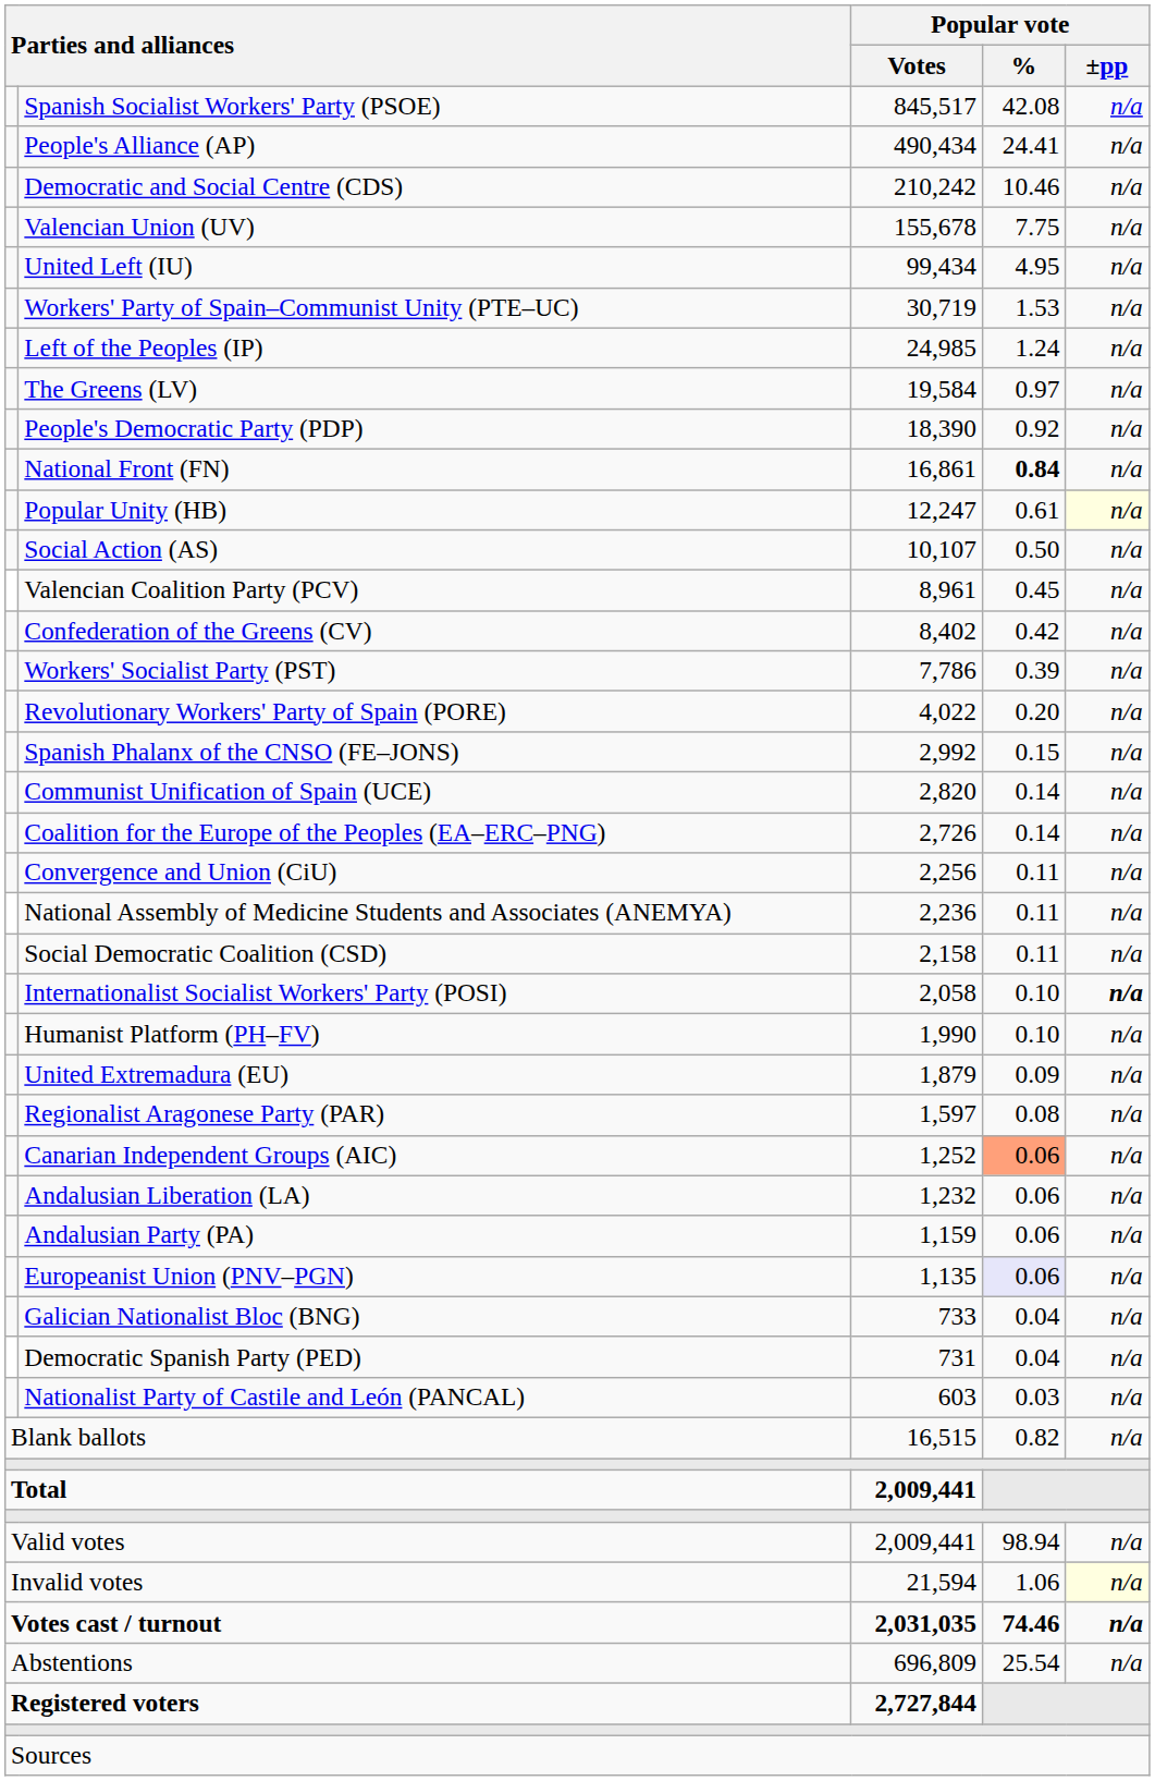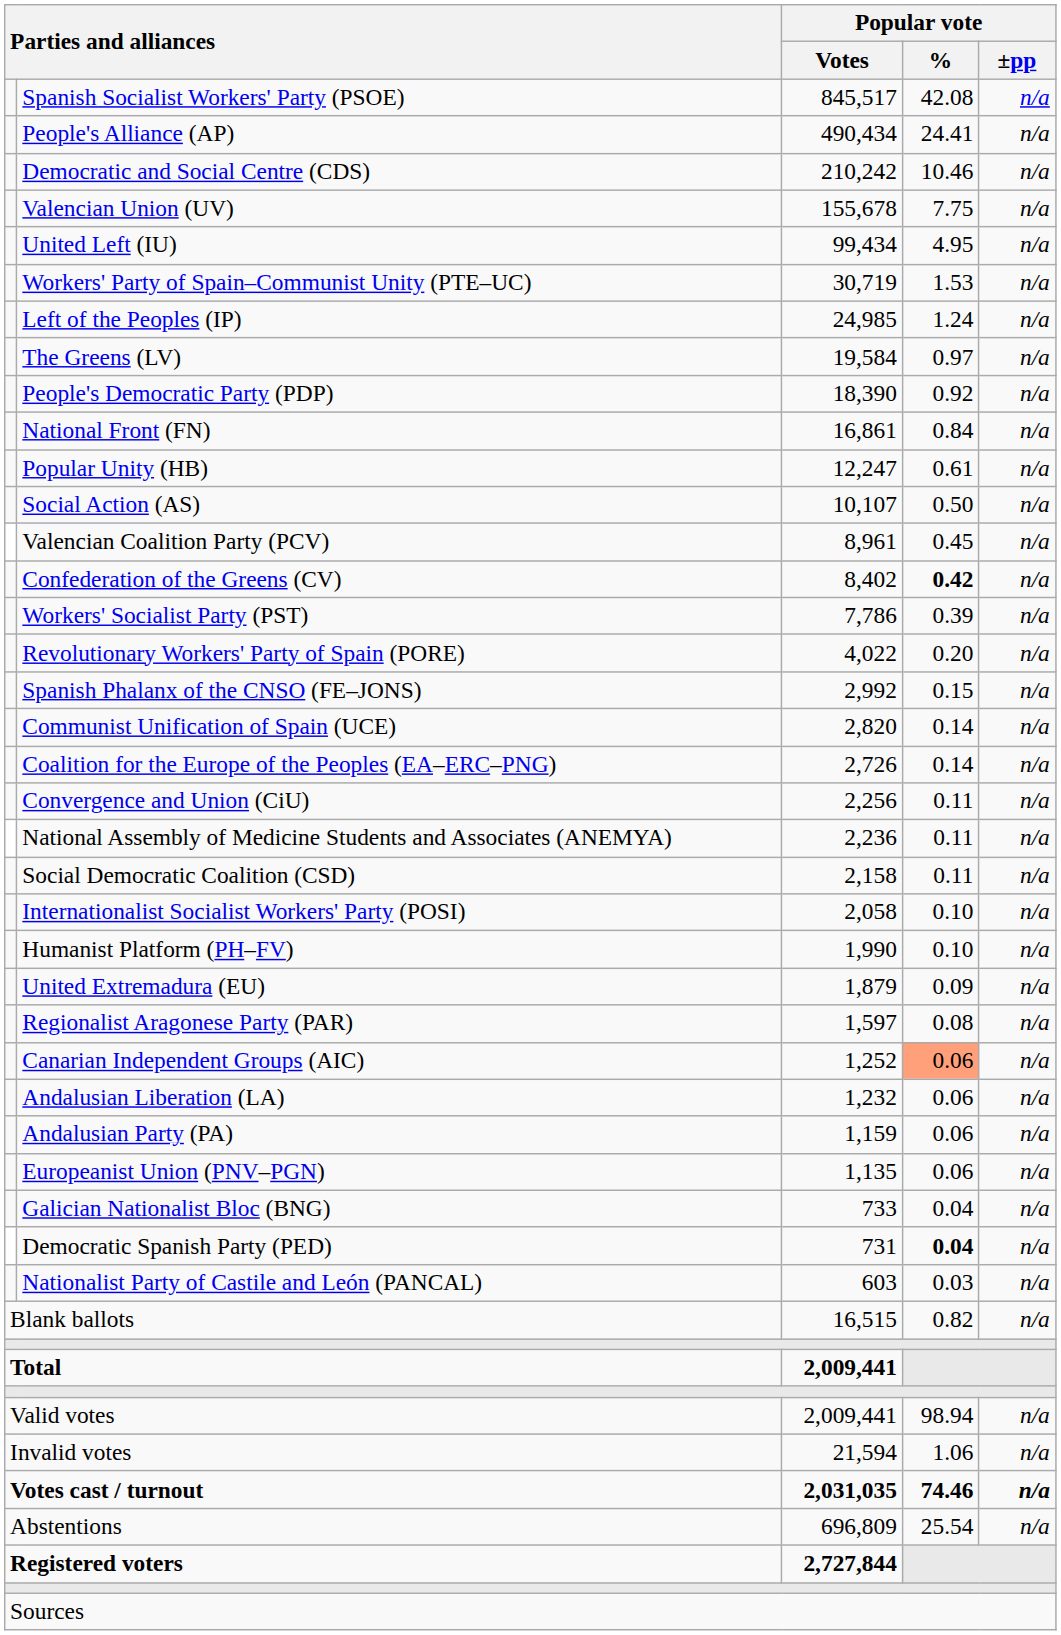 <table class="wikitable" style="text-align:right">
 <tr>
 <th style="text-align:left;" rowspan="2" colspan="2" width="525">Parties and alliances</th>
 <th colspan="3">Popular vote</th>
 </tr>
 <tr>
 <th width="75">Votes</th>
 <th width="45">%</th>
 <th width="45">±<a href='#'>pp</a></th>
 </tr>
 <tr>
 <td width="1" style="color:inherit;background:"></td>
 <td align="left"><a href='#'>Spanish Socialist Workers' Party</a> (PSOE)</td>
 <td>845,517</td>
 <td>42.08</td>
 <td><em><a href='#'>n/a</a></em></td>
 </tr>
 <tr>
 <td style="color:inherit;background:"></td>
 <td align="left"><a href='#'>People's Alliance</a> (AP)</td>
 <td>490,434</td>
 <td>24.41</td>
 <td><em>n/a</em></td>
 </tr>
 <tr>
 <td style="color:inherit;background:"></td>
 <td align="left"><a href='#'>Democratic and Social Centre</a> (CDS)</td>
 <td>210,242</td>
 <td>10.46</td>
 <td><em>n/a</em></td>
 </tr>
 <tr>
 <td style="color:inherit;background:"></td>
 <td align="left"><a href='#'>Valencian Union</a> (UV)</td>
 <td>155,678</td>
 <td>7.75</td>
 <td><em>n/a</em></td>
 </tr>
 <tr>
 <td style="color:inherit;background:"></td>
 <td align="left"><a href='#'>United Left</a> (IU)</td>
 <td>99,434</td>
 <td>4.95</td>
 <td><em>n/a</em></td>
 </tr>
 <tr>
 <td style="color:inherit;background:"></td>
 <td align="left"><a href='#'>Workers' Party of Spain–Communist Unity</a> (PTE–UC)</td>
 <td>30,719</td>
 <td>1.53</td>
 <td><em>n/a</em></td>
 </tr>
 <tr>
 <td style="color:inherit;background:"></td>
 <td align="left"><a href='#'>Left of the Peoples</a> (IP)</td>
 <td>24,985</td>
 <td>1.24</td>
 <td><em>n/a</em></td>
 </tr>
 <tr>
 <td style="color:inherit;background:"></td>
 <td align="left"><a href='#'>The Greens</a> (LV)</td>
 <td>19,584</td>
 <td>0.97</td>
 <td><em>n/a</em></td>
 </tr>
 <tr>
 <td style="color:inherit;background:"></td>
 <td align="left"><a href='#'>People's Democratic Party</a> (PDP)</td>
 <td>18,390</td>
 <td>0.92</td>
 <td><em>n/a</em></td>
 </tr>
 <tr>
 <td style="color:inherit;background:"></td>
 <td align="left"><a href='#'>National Front</a> (FN)</td>
 <td>16,861</td>
-<td><strong>0.84</strong></td>
+<td>0.84</td>
 <td><em>n/a</em></td>
 </tr>
 <tr>
 <td style="color:inherit;background:"></td>
 <td align="left"><a href='#'>Popular Unity</a> (HB)</td>
 <td>12,247</td>
 <td>0.61</td>
-<td style="background: lightyellow;"><em>n/a</em></td>
+<td><em>n/a</em></td>
 </tr>
 <tr>
 <td style="color:inherit;background:"></td>
 <td align="left"><a href='#'>Social Action</a> (AS)</td>
 <td>10,107</td>
 <td>0.50</td>
 <td><em>n/a</em></td>
 </tr>
 <tr>
 <td bgcolor="white"></td>
 <td align="left">Valencian Coalition Party (PCV)</td>
 <td>8,961</td>
 <td>0.45</td>
 <td><em>n/a</em></td>
 </tr>
 <tr>
 <td style="color:inherit;background:"></td>
 <td align="left"><a href='#'>Confederation of the Greens</a> (CV)</td>
 <td>8,402</td>
-<td>0.42</td>
+<td><strong>0.42</strong></td>
 <td><em>n/a</em></td>
 </tr>
 <tr>
 <td style="color:inherit;background:"></td>
 <td align="left"><a href='#'>Workers' Socialist Party</a> (PST)</td>
 <td>7,786</td>
 <td>0.39</td>
 <td><em>n/a</em></td>
 </tr>
 <tr>
 <td style="color:inherit;background:"></td>
 <td align="left"><a href='#'>Revolutionary Workers' Party of Spain</a> (PORE)</td>
 <td>4,022</td>
 <td>0.20</td>
 <td><em>n/a</em></td>
 </tr>
 <tr>
 <td style="color:inherit;background:"></td>
 <td align="left"><a href='#'>Spanish Phalanx of the CNSO</a> (FE–JONS)</td>
 <td>2,992</td>
 <td>0.15</td>
 <td><em>n/a</em></td>
 </tr>
 <tr>
 <td style="color:inherit;background:"></td>
 <td align="left"><a href='#'>Communist Unification of Spain</a> (UCE)</td>
 <td>2,820</td>
 <td>0.14</td>
 <td><em>n/a</em></td>
 </tr>
 <tr>
 <td style="color:inherit;background:"></td>
 <td align="left"><a href='#'>Coalition for the Europe of the Peoples</a> (<a href='#'>EA</a>–<a href='#'>ERC</a>–<a href='#'>PNG</a>)</td>
 <td>2,726</td>
 <td>0.14</td>
 <td><em>n/a</em></td>
 </tr>
 <tr>
 <td style="color:inherit;background:"></td>
 <td align="left"><a href='#'>Convergence and Union</a> (CiU)</td>
 <td>2,256</td>
 <td>0.11</td>
 <td><em>n/a</em></td>
 </tr>
 <tr>
 <td bgcolor="white"></td>
 <td align="left">National Assembly of Medicine Students and Associates (ANEMYA)</td>
 <td>2,236</td>
 <td>0.11</td>
 <td><em>n/a</em></td>
 </tr>
 <tr>
 <td style="color:inherit;background:"></td>
 <td align="left">Social Democratic Coalition (CSD)</td>
 <td>2,158</td>
 <td>0.11</td>
 <td><em>n/a</em></td>
 </tr>
 <tr>
 <td style="color:inherit;background:"></td>
 <td align="left"><a href='#'>Internationalist Socialist Workers' Party</a> (POSI)</td>
 <td>2,058</td>
 <td>0.10</td>
-<td><strong><em>n/a</em></strong></td>
+<td><em>n/a</em></td>
 </tr>
 <tr>
 <td style="color:inherit;background:"></td>
 <td align="left">Humanist Platform (<a href='#'>PH</a>–<a href='#'>FV</a>)</td>
 <td>1,990</td>
 <td>0.10</td>
 <td><em>n/a</em></td>
 </tr>
 <tr>
 <td style="color:inherit;background:"></td>
 <td align="left"><a href='#'>United Extremadura</a> (EU)</td>
 <td>1,879</td>
 <td>0.09</td>
 <td><em>n/a</em></td>
 </tr>
 <tr>
 <td style="color:inherit;background:"></td>
 <td align="left"><a href='#'>Regionalist Aragonese Party</a> (PAR)</td>
 <td>1,597</td>
 <td>0.08</td>
 <td><em>n/a</em></td>
 </tr>
 <tr>
 <td style="color:inherit;background:"></td>
 <td align="left"><a href='#'>Canarian Independent Groups</a> (AIC)</td>
 <td>1,252</td>
 <td style="background: lightsalmon;">0.06</td>
 <td><em>n/a</em></td>
 </tr>
 <tr>
 <td style="color:inherit;background:"></td>
 <td align="left"><a href='#'>Andalusian Liberation</a> (LA)</td>
 <td>1,232</td>
 <td>0.06</td>
 <td><em>n/a</em></td>
 </tr>
 <tr>
 <td style="color:inherit;background:"></td>
 <td align="left"><a href='#'>Andalusian Party</a> (PA)</td>
 <td>1,159</td>
 <td>0.06</td>
 <td><em>n/a</em></td>
 </tr>
 <tr>
 <td style="color:inherit;background:"></td>
 <td align="left"><a href='#'>Europeanist Union</a> (<a href='#'>PNV</a>–<a href='#'>PGN</a>)</td>
 <td>1,135</td>
-<td style="background: lavender;">0.06</td>
+<td>0.06</td>
 <td><em>n/a</em></td>
 </tr>
 <tr>
 <td style="color:inherit;background:"></td>
 <td align="left"><a href='#'>Galician Nationalist Bloc</a> (BNG)</td>
 <td>733</td>
 <td>0.04</td>
 <td><em>n/a</em></td>
 </tr>
 <tr>
 <td bgcolor="white"></td>
 <td align="left">Democratic Spanish Party (PED)</td>
 <td>731</td>
-<td>0.04</td>
+<td><strong>0.04</strong></td>
 <td><em>n/a</em></td>
 </tr>
 <tr>
 <td style="color:inherit;background:"></td>
 <td align="left"><a href='#'>Nationalist Party of Castile and León</a> (PANCAL)</td>
 <td>603</td>
 <td>0.03</td>
 <td><em>n/a</em></td>
 </tr>
 <tr>
 <td align="left" colspan="2">Blank ballots</td>
 <td>16,515</td>
 <td>0.82</td>
 <td><em>n/a</em></td>
 </tr>
 <tr>
 <td colspan="5" bgcolor="#E9E9E9"></td>
 </tr>
 <tr style="font-weight:bold;">
 <td align="left" colspan="2">Total</td>
 <td>2,009,441</td>
 <td bgcolor="#E9E9E9" colspan="2"></td>
 </tr>
 <tr>
 <td colspan="5" bgcolor="#E9E9E9"></td>
 </tr>
 <tr>
 <td align="left" colspan="2">Valid votes</td>
 <td>2,009,441</td>
 <td>98.94</td>
 <td><em>n/a</em></td>
 </tr>
 <tr>
 <td align="left" colspan="2">Invalid votes</td>
 <td>21,594</td>
 <td>1.06</td>
-<td style="background: lightyellow;"><em>n/a</em></td>
+<td><em>n/a</em></td>
 </tr>
 <tr style="font-weight:bold;">
 <td align="left" colspan="2">Votes cast / turnout</td>
 <td>2,031,035</td>
 <td>74.46</td>
 <td><em>n/a</em></td>
 </tr>
 <tr>
 <td align="left" colspan="2">Abstentions</td>
 <td>696,809</td>
 <td>25.54</td>
 <td><em>n/a</em></td>
 </tr>
 <tr style="font-weight:bold;">
 <td align="left" colspan="2">Registered voters</td>
 <td>2,727,844</td>
 <td bgcolor="#E9E9E9" colspan="2"></td>
 </tr>
 <tr>
 <td colspan="5" bgcolor="#E9E9E9"></td>
 </tr>
 <tr>
 <td align="left" colspan="5">Sources</td>
 </tr>
 </table>
